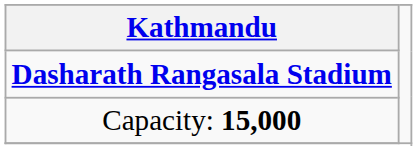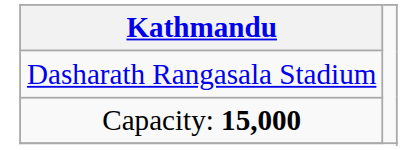 <table class="wikitable" style="margin:1em auto; text-align:center">
 <tr>
 <th><a href='#'>Kathmandu</a></th>
 <td rowspan="4"></td>
 </tr>
 <tr>
-<td><strong><a href='#'>Dasharath Rangasala Stadium</a></strong></td>
+<td><a href='#'>Dasharath Rangasala Stadium</a></td>
 </tr>
 <tr>
 <td>Capacity: <strong>15,000</strong></td>
 </tr>
 <tr>
 </tr>
 </table>
